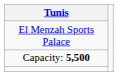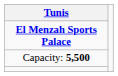 <table class="wikitable" style="text-align:center" align=center>
 <tr>
 <th><a href='#'>Tunis</a></th>
 <td rowspan=6></td>
 </tr>
 <tr>
-<td width=150px><a href='#'>El Menzah Sports Palace</a></td>
+<td width=150px><strong><a href='#'>El Menzah Sports Palace</a></strong></td>
 </tr>
 <tr>
 <td>Capacity: <strong>5,500</strong></td>
 </tr>
 <tr>
 <td></td>
 </tr>
 </table>
